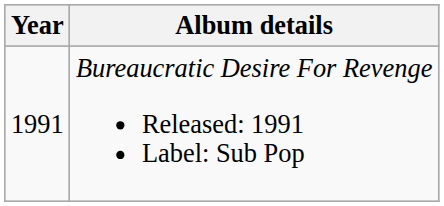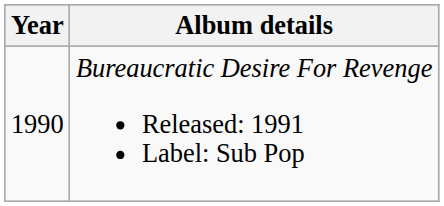 <table class="wikitable">
 <tr>
 <th>Year</th>
 <th>Album details</th>
 </tr>
 <tr>
-<td>1991</td>
+<td>1990</td>
 <td><em>Bureaucratic Desire For Revenge</em><br><ul><li>Released: 1991</li><li>Label: Sub Pop</li></ul></td>
 </tr>
 </table>
